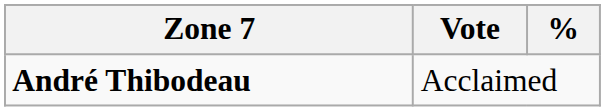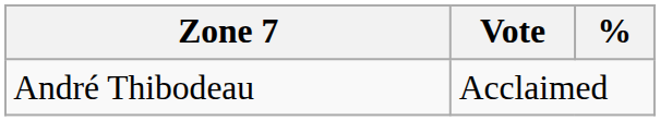 <table class="wikitable">
 <tr>
 <th bgcolor="#DDDDFF" width="200px">Zone 7</th>
 <th bgcolor="#DDDDFF" width="50px">Vote</th>
 <th bgcolor="#DDDDFF" width="30px">%</th>
 </tr>
 <tr>
-<td><strong>André Thibodeau</strong></td>
+<td>André Thibodeau</td>
 <td colspan="2">Acclaimed</td>
 </tr>
 </table>
